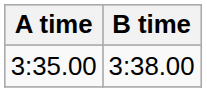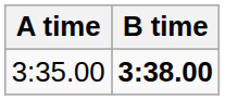 <table class="wikitable" border="1" align="upright">
 <tr>
 <th>A time</th>
 <th>B time</th>
 </tr>
 <tr>
 <td>3:35.00</td>
-<td>3:38.00</td>
+<td><strong>3:38.00</strong></td>
 </tr>
 </table>
